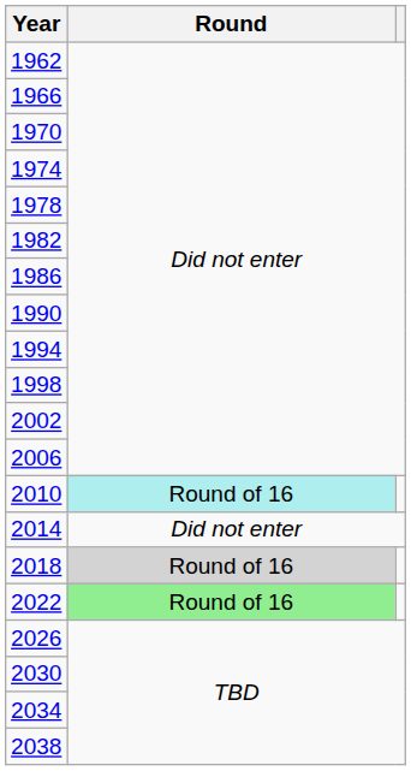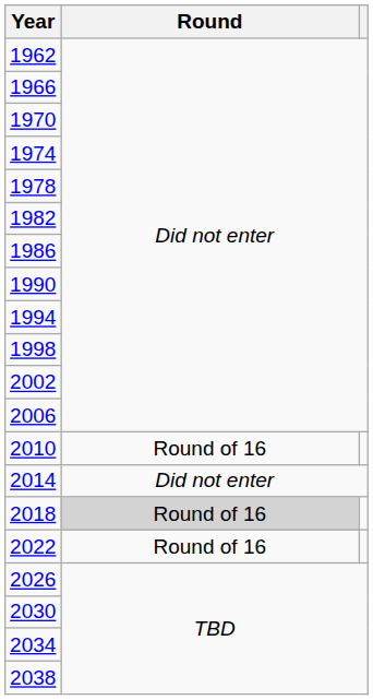 <table class="wikitable" style="text-align: center; font-size:90%">
 <tr>
 <th>Year</th>
 <th style="width:200px">Round</th>
 <th></th>
 </tr>
 <tr>
 <td><a href='#'>1962</a></td>
 <td colspan="2" rowspan="12"><em>Did not enter</em></td>
 </tr>
 <tr>
 <td><a href='#'>1966</a></td>
 </tr>
 <tr>
 <td><a href='#'>1970</a></td>
 </tr>
 <tr>
 <td><a href='#'>1974</a></td>
 </tr>
 <tr>
 <td><a href='#'>1978</a></td>
 </tr>
 <tr>
 <td><a href='#'>1982</a></td>
 </tr>
 <tr>
 <td><a href='#'>1986</a></td>
 </tr>
 <tr>
 <td><a href='#'>1990</a></td>
 </tr>
 <tr>
 <td><a href='#'>1994</a></td>
 </tr>
 <tr>
 <td><a href='#'>1998</a></td>
 </tr>
 <tr>
 <td><a href='#'>2002</a></td>
 </tr>
 <tr>
 <td><a href='#'>2006</a></td>
 </tr>
 <tr>
 <td><a href='#'>2010</a></td>
-<td style="background: paleturquoise;">Round of 16</td>
+<td>Round of 16</td>
 <td></td>
 </tr>
 <tr>
 <td><a href='#'>2014</a></td>
 <td colspan="2"><em>Did not enter</em></td>
 </tr>
 <tr>
 <td><a href='#'>2018</a></td>
 <td style="background: lightgrey;">Round of 16</td>
 <td></td>
 </tr>
 <tr>
 <td><a href='#'>2022</a></td>
-<td style="background: lightgreen;">Round of 16</td>
+<td>Round of 16</td>
 <td></td>
 </tr>
 <tr>
 <td><a href='#'>2026</a></td>
 <td colspan="2" rowspan="4"><em>TBD</em></td>
 </tr>
 <tr>
 <td><a href='#'>2030</a></td>
 </tr>
 <tr>
 <td><a href='#'>2034</a></td>
 </tr>
 <tr>
 <td><a href='#'>2038</a></td>
 </tr>
 </table>
